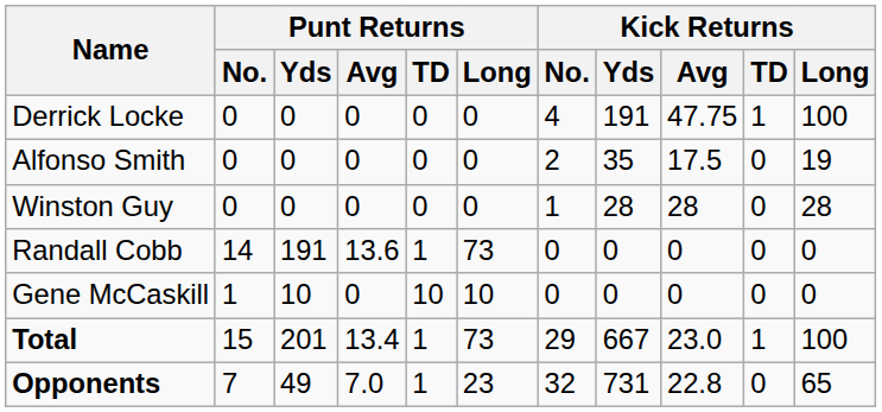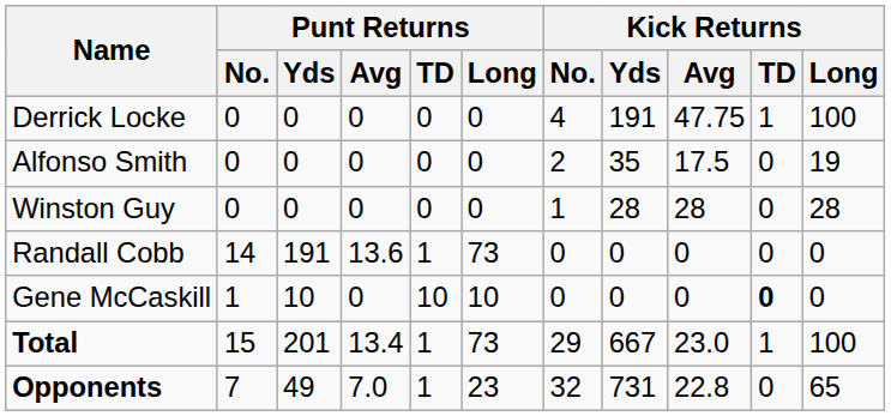 <table class="wikitable" style="white-space:nowrap;">
 <tr>
 <th rowspan="2">Name</th>
 <th colspan="5">Punt Returns</th>
 <th colspan="5">Kick Returns</th>
 </tr>
 <tr>
 <th>No.</th>
 <th>Yds</th>
 <th>Avg</th>
 <th>TD</th>
 <th>Long</th>
 <th>No.</th>
 <th>Yds</th>
 <th>Avg</th>
 <th>TD</th>
 <th>Long</th>
 </tr>
 <tr>
 <td>Derrick Locke</td>
 <td>0</td>
 <td>0</td>
 <td>0</td>
 <td>0</td>
 <td>0</td>
 <td>4</td>
 <td>191</td>
 <td>47.75</td>
 <td>1</td>
 <td>100</td>
 </tr>
 <tr>
 <td>Alfonso Smith</td>
 <td>0</td>
 <td>0</td>
 <td>0</td>
 <td>0</td>
 <td>0</td>
 <td>2</td>
 <td>35</td>
 <td>17.5</td>
 <td>0</td>
 <td>19</td>
 </tr>
 <tr>
 <td>Winston Guy</td>
 <td>0</td>
 <td>0</td>
 <td>0</td>
 <td>0</td>
 <td>0</td>
 <td>1</td>
 <td>28</td>
 <td>28</td>
 <td>0</td>
 <td>28</td>
 </tr>
 <tr>
 <td>Randall Cobb</td>
 <td>14</td>
 <td>191</td>
 <td>13.6</td>
 <td>1</td>
 <td>73</td>
 <td>0</td>
 <td>0</td>
 <td>0</td>
 <td>0</td>
 <td>0</td>
 </tr>
 <tr>
 <td>Gene McCaskill</td>
 <td>1</td>
 <td>10</td>
 <td>0</td>
 <td>10</td>
 <td>10</td>
 <td>0</td>
 <td>0</td>
 <td>0</td>
-<td>0</td>
+<td><strong>0</strong></td>
 <td>0</td>
 </tr>
 <tr>
 <td><strong>Total</strong></td>
 <td>15</td>
 <td>201</td>
 <td>13.4</td>
 <td>1</td>
 <td>73</td>
 <td>29</td>
 <td>667</td>
 <td>23.0</td>
 <td>1</td>
 <td>100</td>
 </tr>
 <tr>
 <td><strong>Opponents</strong></td>
 <td>7</td>
 <td>49</td>
 <td>7.0</td>
 <td>1</td>
 <td>23</td>
 <td>32</td>
 <td>731</td>
 <td>22.8</td>
 <td>0</td>
 <td>65</td>
 </tr>
 </table>
